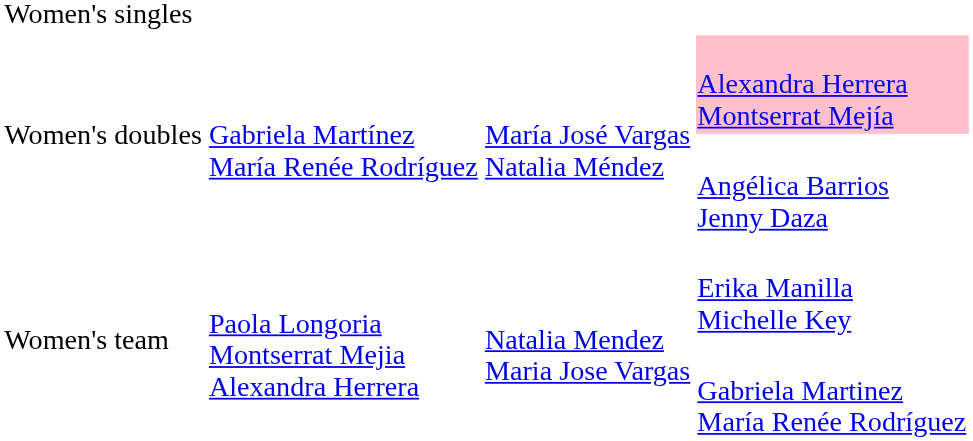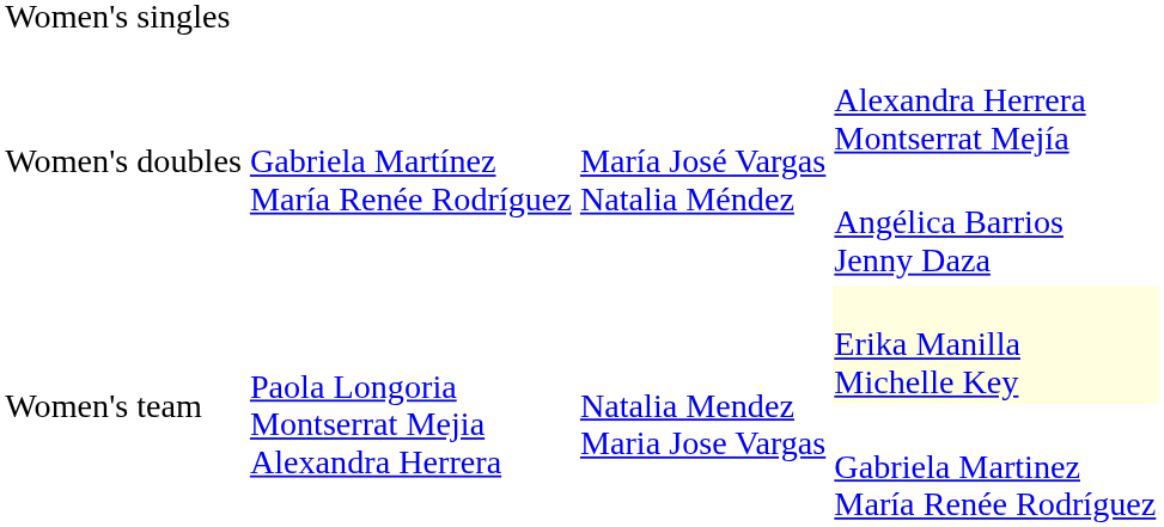 <table>
 <tr>
 <td rowspan=2>Women's singles<br></td>
 <td rowspan=2></td>
 <td rowspan=2></td>
 <td></td>
 </tr>
 <tr>
 <td></td>
 </tr>
 <tr>
 <td rowspan=2>Women's doubles<br></td>
 <td rowspan=2><br><a href='#'>Gabriela Martínez</a><br><a href='#'>María Renée Rodríguez</a></td>
 <td rowspan=2><br><a href='#'>María José Vargas</a><br><a href='#'>Natalia Méndez</a></td>
-<td style="background: pink;"><br><a href='#'>Alexandra Herrera</a><br><a href='#'>Montserrat Mejía</a></td>
+<td><br><a href='#'>Alexandra Herrera</a><br><a href='#'>Montserrat Mejía</a></td>
 </tr>
 <tr>
 <td><br><a href='#'>Angélica Barrios</a><br><a href='#'>Jenny Daza</a></td>
 </tr>
 <tr>
 <td rowspan=2>Women's team<br></td>
 <td rowspan=2><br><a href='#'>Paola Longoria</a><br><a href='#'>Montserrat Mejia</a><br><a href='#'>Alexandra Herrera</a></td>
 <td rowspan=2><br><a href='#'>Natalia Mendez</a><br><a href='#'>Maria Jose Vargas</a></td>
-<td><br><a href='#'>Erika Manilla</a><br><a href='#'>Michelle Key</a></td>
+<td style="background: lightyellow;"><br><a href='#'>Erika Manilla</a><br><a href='#'>Michelle Key</a></td>
 </tr>
 <tr>
 <td><br><a href='#'>Gabriela Martinez</a><br><a href='#'>María Renée Rodríguez</a></td>
 </tr>
 </table>
